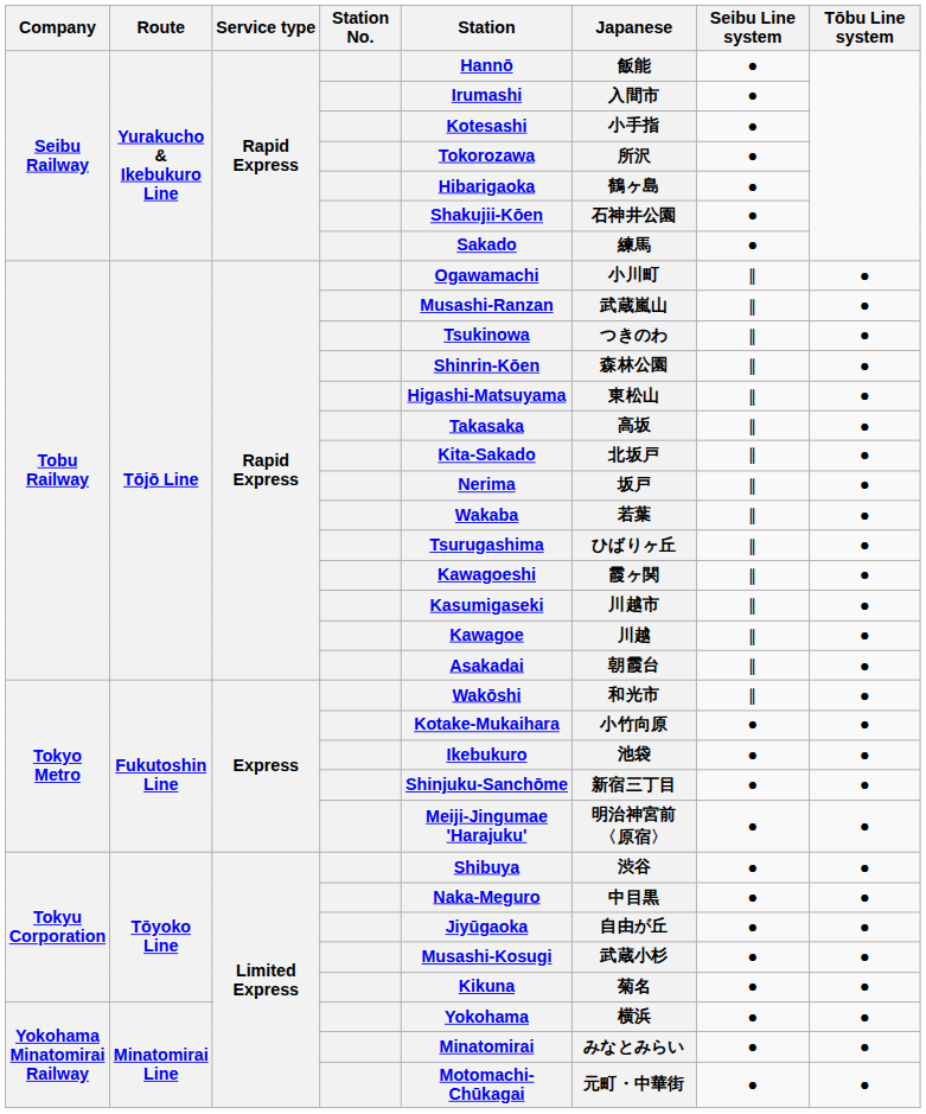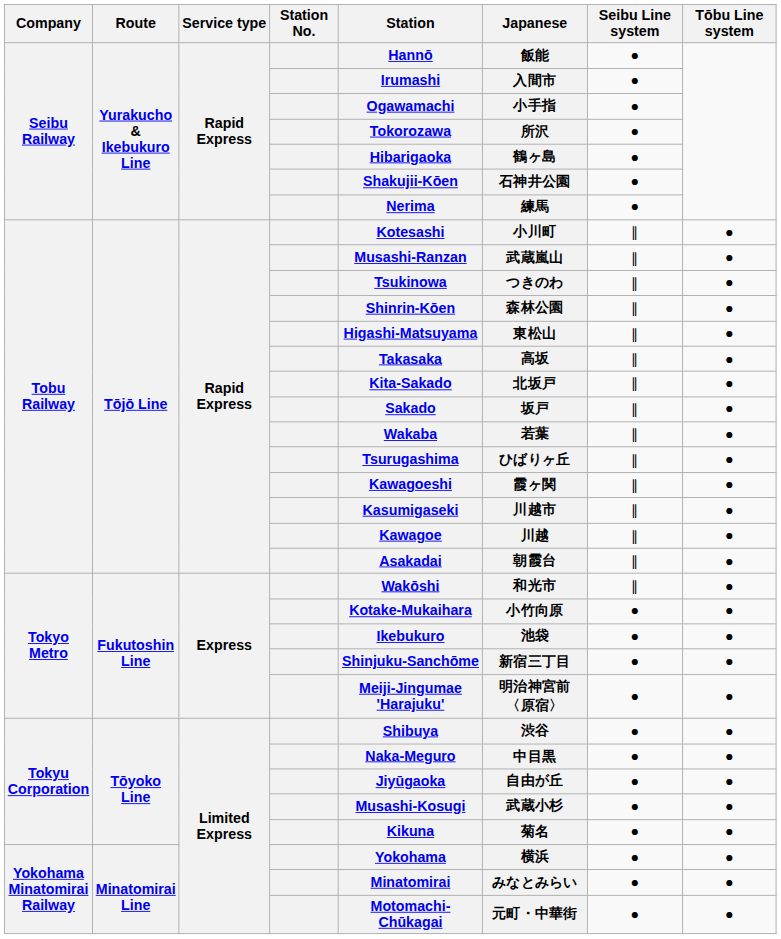 <table class="wikitable" style="text-align:center">
 <tr>
 <th style="width:1em;">Company</th>
 <th style="width:1em;">Route</th>
 <th>Service type</th>
 <th>Station No.</th>
 <th>Station</th>
 <th>Japanese</th>
 <th>Seibu Line system</th>
 <th><strong>Tōbu Line system</strong></th>
 </tr>
 <tr>
 <th rowspan="7"><a href='#'>Seibu Railway</a></th>
 <th rowspan="7"><strong></strong><br><a href='#'>Yurakucho</a> & <a href='#'>Ikebukuro Line</a></th>
 <th rowspan="7">Rapid Express</th>
 <th></th>
 <th><a href='#'>Hannō</a></th>
 <th>飯能</th>
 <td>●</td>
 <td rowspan="7"> </td>
 </tr>
 <tr>
 <th></th>
 <th><a href='#'>Irumashi</a></th>
 <th>入間市</th>
 <td>●</td>
 </tr>
 <tr>
 <th></th>
-<th><a href='#'>Kotesashi</a></th>
+<th><a href='#'>Ogawamachi</a></th>
 <th>小手指</th>
 <td>●</td>
 </tr>
 <tr>
 <th></th>
 <th><a href='#'>Tokorozawa</a></th>
 <th>所沢</th>
 <td>●</td>
 </tr>
 <tr>
 <th></th>
 <th><a href='#'>Hibarigaoka</a></th>
 <th>鶴ヶ島</th>
 <td>●</td>
 </tr>
 <tr>
 <th></th>
 <th><a href='#'>Shakujii-Kōen</a></th>
 <th>石神井公園</th>
 <td>●</td>
 </tr>
 <tr>
 <th></th>
-<th><a href='#'>Sakado</a></th>
+<th><a href='#'>Nerima</a></th>
 <th>練馬</th>
 <td>●</td>
 </tr>
 <tr>
 <th rowspan="15"><a href='#'>Tobu Railway</a></th>
 <th rowspan="15"><strong></strong><br><a href='#'>Tōjō Line</a></th>
 <th rowspan="15">Rapid Express</th>
 <th><strong></strong></th>
-<th><a href='#'>Ogawamachi</a></th>
+<th><a href='#'>Kotesashi</a></th>
 <th>小川町</th>
 <td>∥</td>
 <td>●</td>
 </tr>
 <tr>
 <th><strong></strong></th>
 <th><a href='#'>Musashi-Ranzan</a></th>
 <th>武蔵嵐山</th>
 <td>∥</td>
 <td>●</td>
 </tr>
 <tr>
 <th><strong></strong></th>
 <th><a href='#'>Tsukinowa</a></th>
 <th>つきのわ</th>
 <td>∥</td>
 <td>●</td>
 </tr>
 <tr>
 <th><strong></strong></th>
 <th><a href='#'>Shinrin-Kōen</a></th>
 <th>森林公園</th>
 <td>∥</td>
 <td>●</td>
 </tr>
 <tr>
 <th><strong></strong></th>
 <th><a href='#'>Higashi-Matsuyama</a></th>
 <th>東松山</th>
 <td>∥</td>
 <td>●</td>
 </tr>
 <tr>
 <th><strong></strong></th>
 <th><a href='#'>Takasaka</a></th>
 <th>高坂</th>
 <td>∥</td>
 <td>●</td>
 </tr>
 <tr>
 <th><strong></strong></th>
 <th><a href='#'>Kita-Sakado</a></th>
 <th>北坂戸</th>
 <td>∥</td>
 <td>●</td>
 </tr>
 <tr>
 <th><strong></strong></th>
-<th><a href='#'>Nerima</a></th>
+<th><a href='#'>Sakado</a></th>
 <th>坂戸</th>
 <td>∥</td>
 <td>●</td>
 </tr>
 <tr>
 <th><strong></strong></th>
 <th><a href='#'>Wakaba</a></th>
 <th>若葉</th>
 <td>∥</td>
 <td>●</td>
 </tr>
 <tr>
 <th><strong></strong></th>
 <th><a href='#'>Tsurugashima</a></th>
 <th>ひばりヶ丘</th>
 <td>∥</td>
 <td>●</td>
 </tr>
 <tr>
 <th><strong></strong></th>
 <th><a href='#'>Kawagoeshi</a></th>
 <th>霞ヶ関</th>
 <td>∥</td>
 <td>●</td>
 </tr>
 <tr>
 <th><strong></strong></th>
 <th><a href='#'>Kasumigaseki</a></th>
 <th>川越市</th>
 <td>∥</td>
 <td>●</td>
 </tr>
 <tr>
 <th><strong></strong></th>
 <th><a href='#'>Kawagoe</a></th>
 <th>川越</th>
 <td>∥</td>
 <td>●</td>
 </tr>
 <tr>
 <th><strong></strong></th>
 <th><a href='#'>Asakadai</a></th>
 <th>朝霞台</th>
 <td>∥</td>
 <td>●</td>
 </tr>
 <tr>
 <th rowspan="2"><strong></strong></th>
 <th rowspan="2"><a href='#'>Wakōshi</a></th>
 <th rowspan="2">和光市</th>
 <td rowspan="2">∥</td>
 <td rowspan="2">●</td>
 </tr>
 <tr>
 <th rowspan="6"><a href='#'>Tokyo Metro</a></th>
 <th rowspan="6"><strong></strong><br><a href='#'>Fukutoshin Line</a></th>
 <th rowspan="6">Express</th>
 </tr>
 <tr>
 <th></th>
 <th><a href='#'>Kotake-Mukaihara</a></th>
 <th>小竹向原</th>
 <td>●</td>
 <td>●</td>
 </tr>
 <tr>
 <th></th>
 <th><a href='#'>Ikebukuro</a></th>
 <th>池袋</th>
 <td>●</td>
 <td>●</td>
 </tr>
 <tr>
 <th></th>
 <th><a href='#'>Shinjuku-Sanchōme</a></th>
 <th>新宿三丁目</th>
 <td>●</td>
 <td>●</td>
 </tr>
 <tr>
 <th></th>
 <th><a href='#'><strong>Meiji-Jingumae 'Harajuku</strong>'</a></th>
 <th>明治神宮前〈原宿〉</th>
 <td>●</td>
 <td>●</td>
 </tr>
 <tr>
 <th rowspan="2"><strong></strong></th>
 <th rowspan="2"><a href='#'>Shibuya</a></th>
 <th rowspan="2">渋谷</th>
 <td rowspan="2">●</td>
 <td rowspan="2">●</td>
 </tr>
 <tr>
 <th rowspan="6"><a href='#'>Tokyu Corporation</a></th>
 <th rowspan="6"><strong></strong><br><a href='#'>Tōyoko Line</a></th>
 <th rowspan="9">Limited Express</th>
 </tr>
 <tr>
 <th><strong></strong></th>
 <th><a href='#'>Naka-Meguro</a></th>
 <th>中目黒</th>
 <td>●</td>
 <td>●</td>
 </tr>
 <tr>
 <th><strong></strong></th>
 <th><a href='#'>Jiyūgaoka</a></th>
 <th>自由が丘</th>
 <td>●</td>
 <td>●</td>
 </tr>
 <tr>
 <th><strong></strong></th>
 <th><a href='#'>Musashi-Kosugi</a></th>
 <th>武蔵小杉</th>
 <td>●</td>
 <td>●</td>
 </tr>
 <tr>
 <th><strong></strong></th>
 <th><a href='#'>Kikuna</a></th>
 <th>菊名</th>
 <td>●</td>
 <td>●</td>
 </tr>
 <tr>
 <th rowspan="2"><strong></strong></th>
 <th rowspan="2"><a href='#'>Yokohama</a></th>
 <th rowspan="2">横浜</th>
 <td rowspan="2">●</td>
 <td rowspan="2">●</td>
 </tr>
 <tr>
 <th rowspan="3"><a href='#'>Yokohama Minatomirai Railway</a></th>
 <th rowspan="3"><br><a href='#'>Minatomirai Line</a></th>
 </tr>
 <tr>
 <th></th>
 <th><a href='#'>Minatomirai</a></th>
 <th>みなとみらい</th>
 <td>●</td>
 <td>●</td>
 </tr>
 <tr>
 <th></th>
 <th><a href='#'>Motomachi-Chūkagai</a></th>
 <th>元町・中華街　</th>
 <td>●</td>
 <td>●</td>
 </tr>
 </table>
